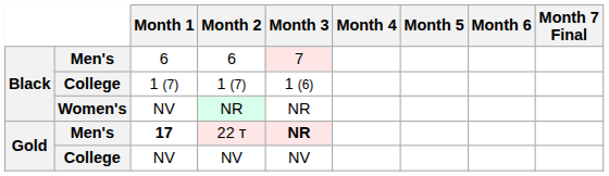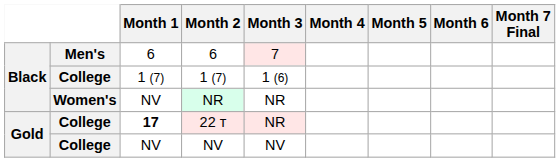 <table class="wikitable" style="white-space:nowrap;font-size:85%;">
 <tr>
 <th colspan=2 style="background:white; border-top-style:hidden; border-left-style:hidden;"> </th>
 <th>Month 1</th>
 <th>Month 2</th>
 <th>Month 3</th>
 <th>Month 4</th>
 <th>Month 5</th>
 <th>Month 6</th>
 <th>Month 7<br>Final</th>
 </tr>
 <tr style="text-align:center;">
 <th rowspan="3">Black</th>
 <th>Men's</th>
 <td style="background:#FFF;">6</td>
 <td style="background:#FFF;">6</td>
 <td style="background:#ffe6e6;">7</td>
 <td style="background:#FFF;"></td>
 <td style="background:#FFF;"></td>
 <td style="background:#FFF;"></td>
 <td style="background:#FFF;"></td>
 </tr>
 <tr style="text-align:center;">
 <th>College</th>
 <td style="background:#FFF;">1 <small>(7)</small></td>
 <td style="background:#FFF;">1 <small>(7)</small></td>
 <td style="background:#FFF;">1 <small>(6)</small></td>
 <td style="background:#FFF;"></td>
 <td style="background:#FFF;"></td>
 <td style="background:#FFF;"></td>
 <td style="background:#FFF;"></td>
 </tr>
 <tr style="text-align:center;">
 <th>Women's</th>
 <td style="background:#FFF;">NV</td>
 <td style="background:#d8ffeb;">NR</td>
 <td style="background:#FFF;">NR</td>
 <td style="background:#FFF;"></td>
 <td style="background:#FFF;"></td>
 <td style="background:#FFF;"></td>
 <td style="background:#FFF;"></td>
 </tr>
 <tr style="text-align:center;">
 <th rowspan="2">Gold</th>
-<th>Men's</th>
+<th>College</th>
 <td style="background:#FFF;"><strong>17</strong></td>
 <td style="background:#ffe6e6;">22 т</td>
-<td style="background:#ffe6e6;"><strong>NR</strong></td>
+<td style="background:#ffe6e6;">NR</td>
 <td style="background:#FFF;"></td>
 <td style="background:#FFF;"></td>
 <td style="background:#FFF;"></td>
 <td style="background:#FFF;"></td>
 </tr>
 <tr style="text-align:center;">
 <th>College</th>
 <td style="background:#FFF;">NV</td>
 <td style="background:#FFF;">NV</td>
 <td style="background:#FFF;">NV</td>
 <td style="background:#FFF;"></td>
 <td style="background:#FFF;"></td>
 <td style="background:#FFF;"></td>
 <td style="background:#FFF;"></td>
 </tr>
 </table>
